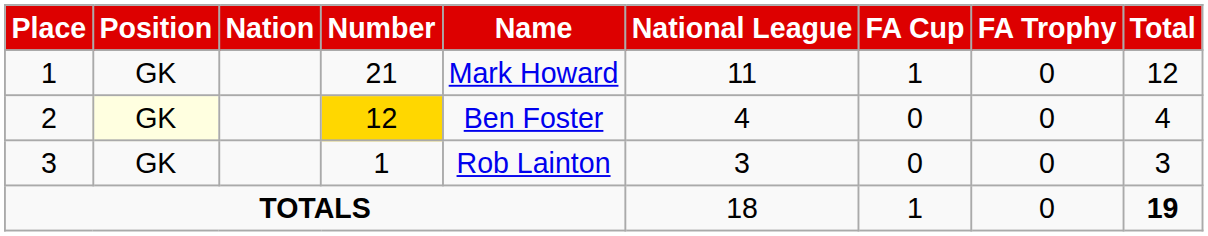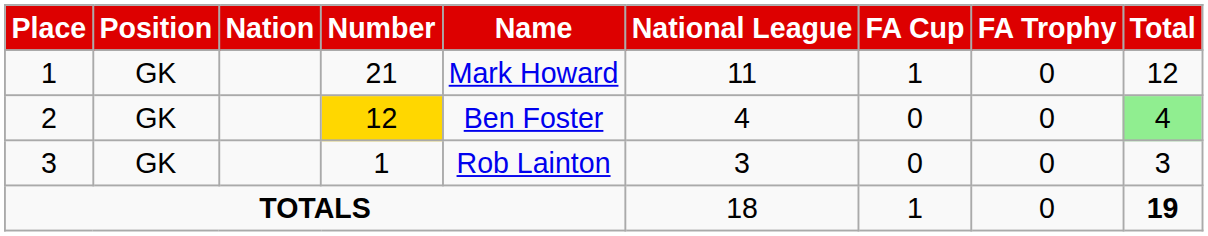 <table class="wikitable" style="font-size: 95%; text-align: center">
 <tr>
 <th style="background:#d00; color:white; text-align:center;"!width=80>Place</th>
 <th style="background:#d00; color:white; text-align:center;"!width=80>Position</th>
 <th style="background:#d00; color:white; text-align:center;"!width=80>Nation</th>
 <th style="background:#d00; color:white; text-align:center;"!width=80>Number</th>
 <th style="background:#d00; color:white; text-align:center;"!width=150>Name</th>
 <th style="background:#d00; color:white; text-align:center;"!width=150>National League</th>
 <th style="background:#d00; color:white; text-align:center;"!width=150>FA Cup</th>
 <th style="background:#d00; color:white; text-align:center;"!width=150>FA Trophy</th>
 <th style="background:#d00; color:white; text-align:center;"!width=80>Total</th>
 </tr>
 <tr>
 <td>1</td>
 <td>GK</td>
 <td></td>
 <td>21</td>
 <td><a href='#'>Mark Howard</a></td>
 <td>11</td>
 <td>1</td>
 <td>0</td>
 <td>12</td>
 </tr>
 <tr>
 <td>2</td>
-<td style="background: lightyellow;">GK</td>
+<td>GK</td>
 <td></td>
 <td style="background: gold;">12</td>
 <td><a href='#'>Ben Foster</a></td>
 <td>4</td>
 <td>0</td>
 <td>0</td>
-<td>4</td>
+<td style="background: lightgreen;">4</td>
 </tr>
 <tr>
 <td>3</td>
 <td>GK</td>
 <td></td>
 <td>1</td>
 <td><a href='#'>Rob Lainton</a></td>
 <td>3</td>
 <td>0</td>
 <td>0</td>
 <td>3</td>
 </tr>
 <tr>
 <td colspan="5"><strong>TOTALS</strong></td>
 <td>18</td>
 <td>1</td>
 <td>0</td>
 <td><strong>19</strong></td>
 </tr>
 </table>
